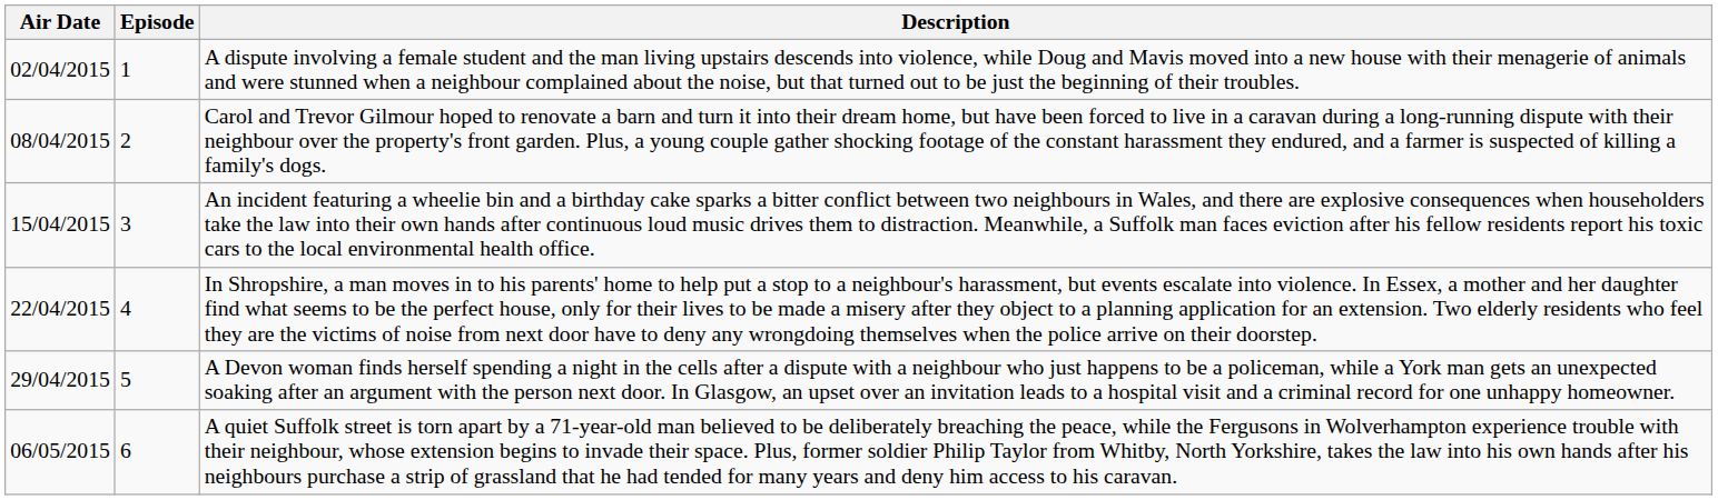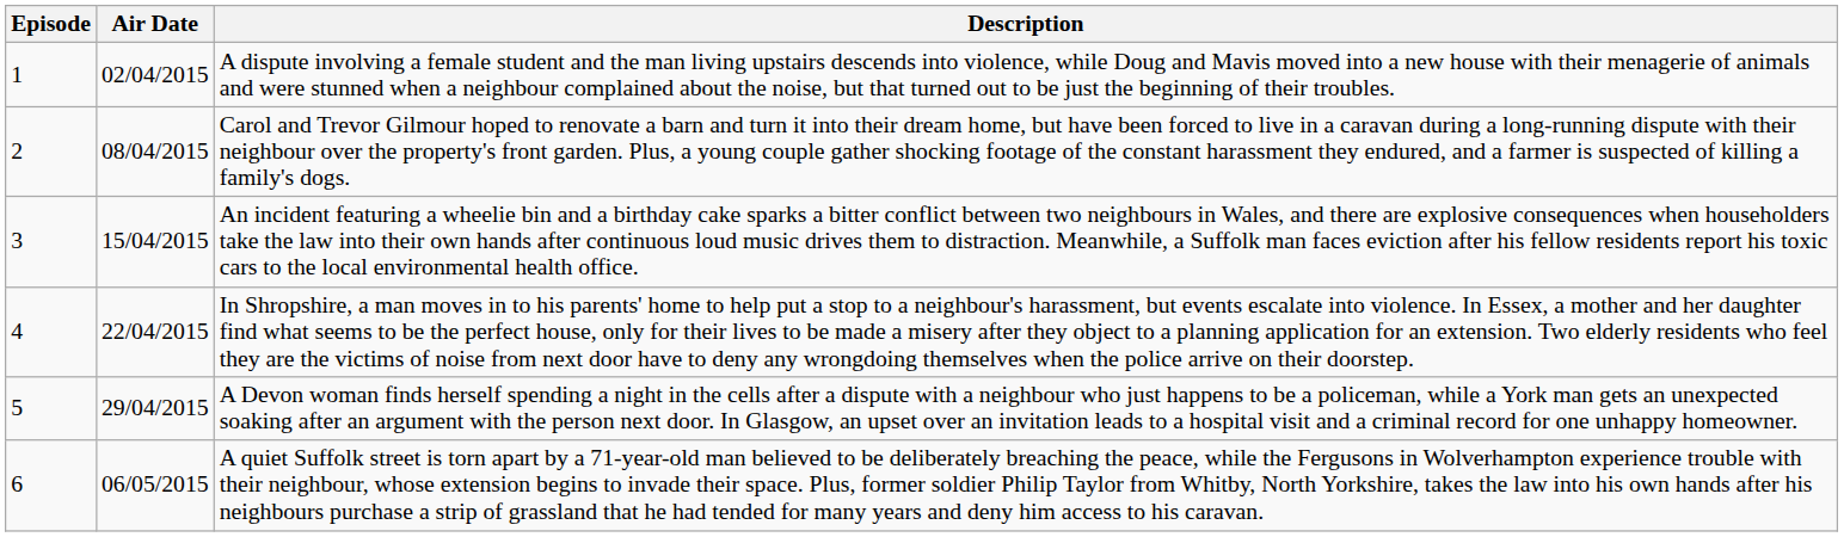 <table class="wikitable">
 <tr>
+<th>Episode</th>
 <th>Air Date</th>
-<th>Episode</th>
 <th>Description</th>
 </tr>
 <tr>
+<td>1</td>
 <td>02/04/2015</td>
-<td>1</td>
 <td>A dispute involving a female student and the man living upstairs descends into violence, while Doug and Mavis moved into a new house with their menagerie of animals and were stunned when a neighbour complained about the noise, but that turned out to be just the beginning of their troubles.</td>
 </tr>
 <tr>
+<td>2</td>
 <td>08/04/2015</td>
-<td>2</td>
 <td>Carol and Trevor Gilmour hoped to renovate a barn and turn it into their dream home, but have been forced to live in a caravan during a long-running dispute with their neighbour over the property's front garden. Plus, a young couple gather shocking footage of the constant harassment they endured, and a farmer is suspected of killing a family's dogs.</td>
 </tr>
 <tr>
+<td>3</td>
 <td>15/04/2015</td>
-<td>3</td>
 <td>An incident featuring a wheelie bin and a birthday cake sparks a bitter conflict between two neighbours in Wales, and there are explosive consequences when householders take the law into their own hands after continuous loud music drives them to distraction. Meanwhile, a Suffolk man faces eviction after his fellow residents report his toxic cars to the local environmental health office.</td>
 </tr>
 <tr>
+<td>4</td>
 <td>22/04/2015</td>
-<td>4</td>
 <td>In Shropshire, a man moves in to his parents' home to help put a stop to a neighbour's harassment, but events escalate into violence. In Essex, a mother and her daughter find what seems to be the perfect house, only for their lives to be made a misery after they object to a planning application for an extension. Two elderly residents who feel they are the victims of noise from next door have to deny any wrongdoing themselves when the police arrive on their doorstep.</td>
 </tr>
 <tr>
+<td>5</td>
 <td>29/04/2015</td>
-<td>5</td>
 <td>A Devon woman finds herself spending a night in the cells after a dispute with a neighbour who just happens to be a policeman, while a York man gets an unexpected soaking after an argument with the person next door. In Glasgow, an upset over an invitation leads to a hospital visit and a criminal record for one unhappy homeowner.</td>
 </tr>
 <tr>
+<td>6</td>
 <td>06/05/2015</td>
-<td>6</td>
 <td>A quiet Suffolk street is torn apart by a 71-year-old man believed to be deliberately breaching the peace, while the Fergusons in Wolverhampton experience trouble with their neighbour, whose extension begins to invade their space. Plus, former soldier Philip Taylor from Whitby, North Yorkshire, takes the law into his own hands after his neighbours purchase a strip of grassland that he had tended for many years and deny him access to his caravan.</td>
 </tr>
 </table>
